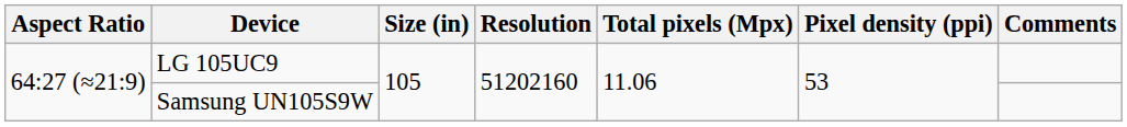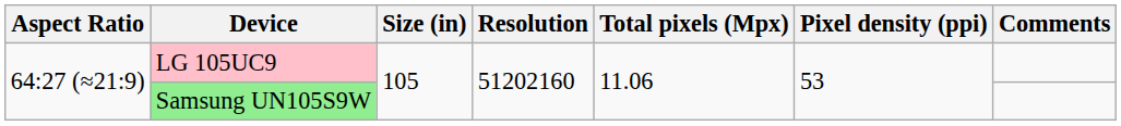 <table class="wikitable sortable">
 <tr>
 <th>Aspect Ratio</th>
 <th>Device</th>
 <th>Size (in)</th>
 <th align="right">Resolution</th>
 <th>Total pixels (Mpx)</th>
 <th>Pixel density (ppi)</th>
 <th>Comments</th>
 </tr>
 <tr>
 <td rowspan="2">64:27 (≈21:9)</td>
-<td align="left">LG 105UC9</td>
+<td align="left" style="background: pink;">LG 105UC9</td>
 <td rowspan="2">105</td>
 <td rowspan="2">51202160</td>
 <td rowspan="2">11.06</td>
 <td rowspan="2">53</td>
 <td></td>
 </tr>
 <tr>
-<td align="left">Samsung UN105S9W</td>
+<td align="left" style="background: lightgreen;">Samsung UN105S9W</td>
 <td></td>
 </tr>
 </table>
